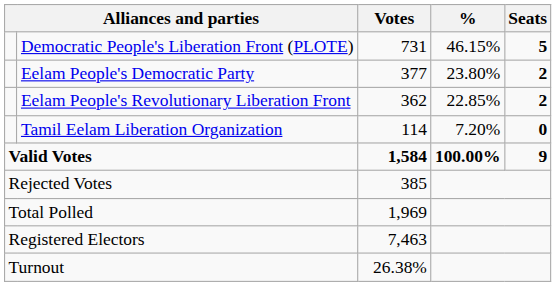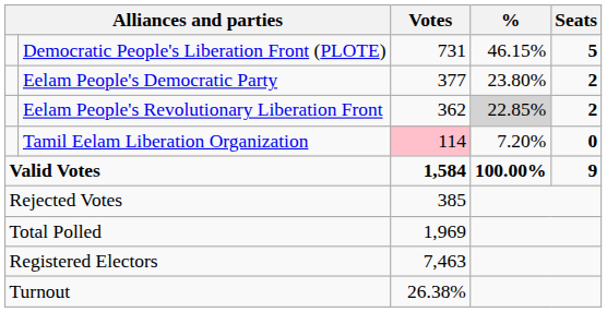 <table class="wikitable" border="1" style="text-align:right;">
 <tr>
 <th valign=bottom align=left colspan=2>Alliances and parties</th>
 <th valign=bottom align=center width="60">Votes</th>
 <th valign=bottom align=center width="50">%</th>
 <th valign=bottom align=center>Seats</th>
 </tr>
 <tr>
 <td bgcolor=> </td>
 <td align=left><a href='#'>Democratic People's Liberation Front</a> (<a href='#'>PLOTE</a>)</td>
 <td>731</td>
 <td>46.15%</td>
 <td><strong>5</strong></td>
 </tr>
 <tr>
 <td bgcolor=> </td>
 <td align=left><a href='#'>Eelam People's Democratic Party</a></td>
 <td>377</td>
 <td>23.80%</td>
 <td><strong>2</strong></td>
 </tr>
 <tr>
 <td bgcolor=> </td>
 <td align=left><a href='#'>Eelam People's Revolutionary Liberation Front</a></td>
 <td>362</td>
-<td>22.85%</td>
+<td style="background: lightgrey;">22.85%</td>
 <td><strong>2</strong></td>
 </tr>
 <tr>
 <td bgcolor=> </td>
 <td align=left><a href='#'>Tamil Eelam Liberation Organization</a></td>
-<td>114</td>
+<td style="background: pink;">114</td>
 <td>7.20%</td>
 <td><strong>0</strong></td>
 </tr>
 <tr>
 <td colspan=2 align=left><strong>Valid Votes</strong></td>
 <td><strong>1,584</strong></td>
 <td><strong>100.00%</strong></td>
 <td><strong>9</strong></td>
 </tr>
 <tr>
 <td colspan=2 align=left>Rejected Votes</td>
 <td>385</td>
 <td colspan=2></td>
 </tr>
 <tr>
 <td colspan=2 align=left>Total Polled</td>
 <td>1,969</td>
 <td colspan=2></td>
 </tr>
 <tr>
 <td colspan=2 align=left>Registered Electors</td>
 <td>7,463</td>
 <td colspan=2></td>
 </tr>
 <tr>
 <td colspan=2 align=left>Turnout</td>
 <td>26.38%</td>
 <td colspan=2></td>
 </tr>
 </table>
